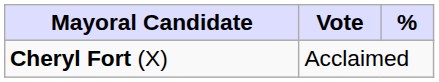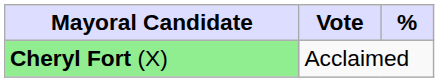 <table class="wikitable">
 <tr>
 <th style="background:#ddf; width:200px;">Mayoral Candidate</th>
 <th style="background:#ddf; width:50px;">Vote</th>
 <th style="background:#ddf; width:30px;">%</th>
 </tr>
 <tr>
-<td><strong>Cheryl Fort</strong> (X)</td>
+<td style="background: lightgreen;"><strong>Cheryl Fort</strong> (X)</td>
 <td colspan="2">Acclaimed</td>
 </tr>
 </table>
